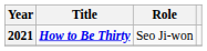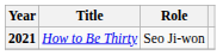 <table class="wikitable sortable plainrowheaders">
 <tr>
 <th scope="col">Year</th>
 <th scope="col">Title</th>
 <th scope="col">Role</th>
 <th scope="col" class="unsortable"></th>
 </tr>
 <tr>
 <th scope="row">2021</th>
-<td><strong><em><a href='#'>How to Be Thirty</a></em></strong></td>
+<td><em><a href='#'>How to Be Thirty</a></em></td>
 <td>Seo Ji-won</td>
 <td></td>
 </tr>
 <tr>
 </tr>
 </table>
